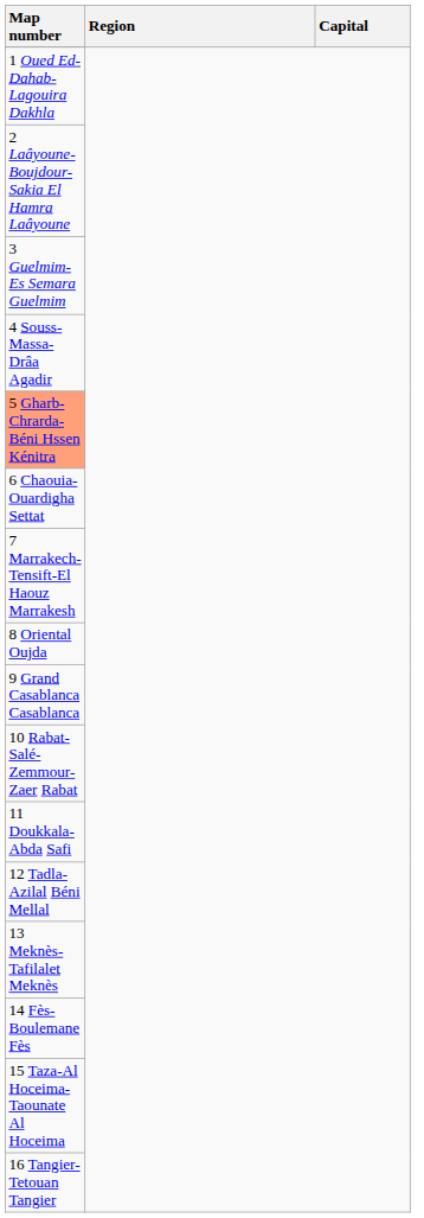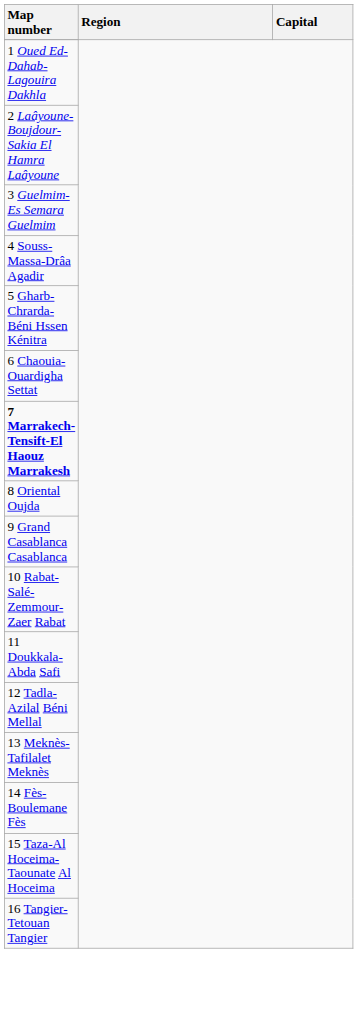 <table class="wikitable sortable" style="margin:1em left 1em auto;">
 <tr>
 <th style="text-align:left;width:20px">Map<br>number</th>
 <th style="text-align:left;width:230px">Region</th>
 <th style="text-align:left;width:90px">Capital</th>
 </tr>
 <tr>
 </tr>
 <tr>
 <td>1  <em><a href='#'>Oued Ed-Dahab-Lagouira</a></em>   <em><a href='#'>Dakhla</a></em></td>
 </tr>
 <tr>
 <td>2  <em><a href='#'>Laâyoune-Boujdour-Sakia El Hamra</a></em>   <em><a href='#'>Laâyoune</a></em></td>
 </tr>
 <tr>
 <td>3  <em><a href='#'>Guelmim-Es Semara</a></em>   <em><a href='#'>Guelmim</a></em></td>
 </tr>
 <tr>
 <td>4  <a href='#'>Souss-Massa-Drâa</a>   <a href='#'>Agadir</a></td>
 </tr>
 <tr>
-<td style="background: lightsalmon;">5  <a href='#'>Gharb-Chrarda-Béni Hssen</a>   <a href='#'>Kénitra</a></td>
+<td>5  <a href='#'>Gharb-Chrarda-Béni Hssen</a>   <a href='#'>Kénitra</a></td>
 </tr>
 <tr>
 <td>6  <a href='#'>Chaouia-Ouardigha</a>   <a href='#'>Settat</a></td>
 </tr>
 <tr>
-<td>7 <a href='#'>Marrakech-Tensift-El Haouz</a>   <a href='#'>Marrakesh</a></td>
+<td><strong>7 <a href='#'>Marrakech-Tensift-El Haouz</a>   <a href='#'>Marrakesh</a></strong></td>
 </tr>
 <tr>
 <td>8  <a href='#'>Oriental</a>   <a href='#'>Oujda</a></td>
 </tr>
 <tr>
 <td>9  <a href='#'>Grand Casablanca</a>   <a href='#'>Casablanca</a></td>
 </tr>
 <tr>
 <td>10  <a href='#'>Rabat-Salé-Zemmour-Zaer</a>   <a href='#'>Rabat</a></td>
 </tr>
 <tr>
 <td>11  <a href='#'>Doukkala-Abda</a>   <a href='#'>Safi</a></td>
 </tr>
 <tr>
 <td>12  <a href='#'>Tadla-Azilal</a>   <a href='#'>Béni Mellal</a></td>
 </tr>
 <tr>
 <td>13  <a href='#'>Meknès-Tafilalet</a>   <a href='#'>Meknès</a></td>
 </tr>
 <tr>
 <td>14   <a href='#'>Fès-Boulemane</a>   <a href='#'>Fès</a></td>
 </tr>
 <tr>
 <td>15  <a href='#'>Taza-Al Hoceima-Taounate</a>   <a href='#'>Al Hoceima</a></td>
 </tr>
 <tr>
 <td>16  <a href='#'>Tangier-Tetouan</a>   <a href='#'>Tangier</a></td>
 </tr>
 </table>
